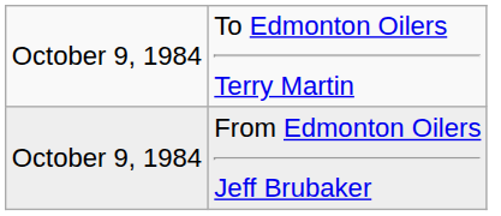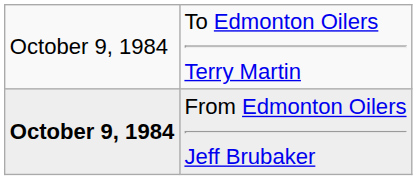 <table class="wikitable">
 <tr>
 <td>October 9, 1984</td>
 <td valign="top">To <a href='#'>Edmonton Oilers</a><hr><a href='#'>Terry Martin</a></td>
 </tr>
 <tr bgcolor="#eeeeee">
-<td>October 9, 1984</td>
+<td><strong>October 9, 1984</strong></td>
 <td valign="top">From <a href='#'>Edmonton Oilers</a><hr><a href='#'>Jeff Brubaker</a></td>
 </tr>
 </table>
